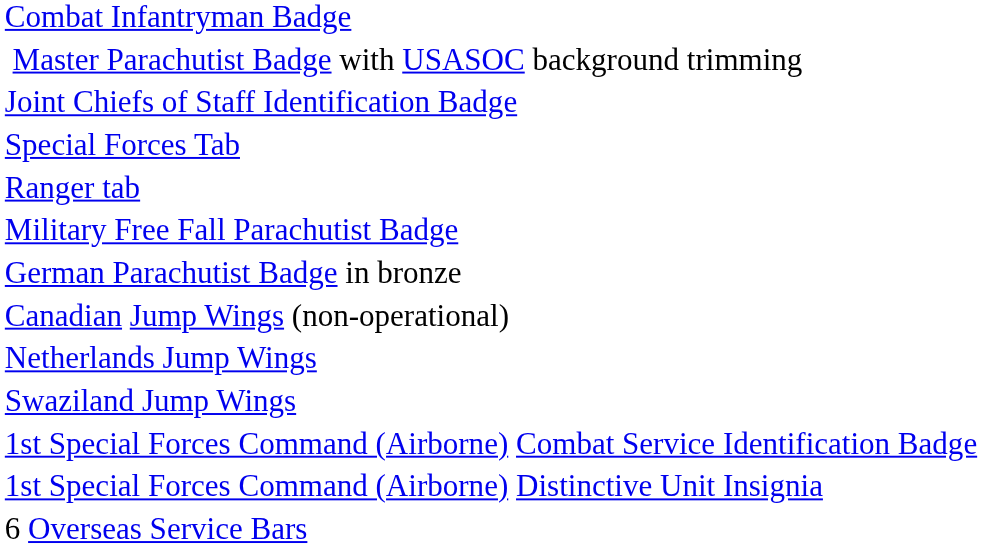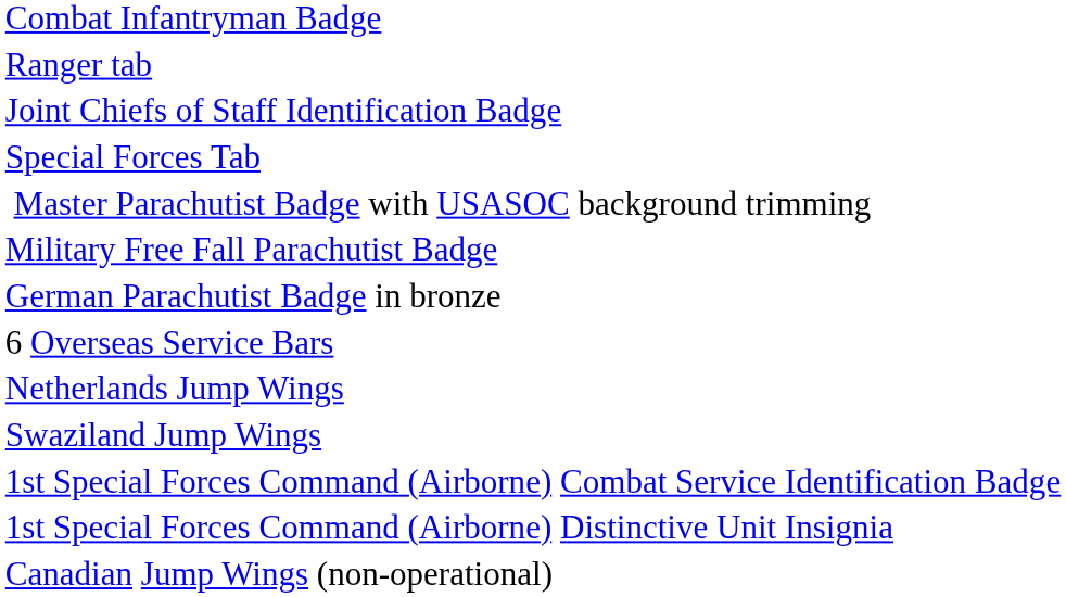 <table>
 <tr>
 <td> <a href='#'>Combat Infantryman Badge</a></td>
 </tr>
 <tr>
-<td><span></span> <a href='#'>Master Parachutist Badge</a> with <a href='#'>USASOC</a> background trimming</td>
+<td> <a href='#'>Ranger tab</a></td>
 </tr>
 <tr>
 <td> <a href='#'>Joint Chiefs of Staff Identification Badge</a></td>
 </tr>
 <tr>
 <td> <a href='#'>Special Forces Tab</a></td>
 </tr>
 <tr>
-<td> <a href='#'>Ranger tab</a></td>
+<td><span></span> <a href='#'>Master Parachutist Badge</a> with <a href='#'>USASOC</a> background trimming</td>
 </tr>
 <tr>
 <td> <a href='#'>Military Free Fall Parachutist Badge</a></td>
 </tr>
 <tr>
 <td> <a href='#'>German Parachutist Badge</a> in bronze</td>
 </tr>
 <tr>
-<td> <a href='#'>Canadian</a> <a href='#'>Jump Wings</a> (non-operational)</td>
+<td> 6 <a href='#'>Overseas Service Bars</a></td>
 </tr>
 <tr>
 <td> <a href='#'>Netherlands Jump Wings</a></td>
 </tr>
 <tr>
 <td> <a href='#'>Swaziland Jump Wings</a></td>
 </tr>
 <tr>
 <td> <a href='#'>1st Special Forces Command (Airborne)</a> <a href='#'>Combat Service Identification Badge</a></td>
 </tr>
 <tr>
 <td> <a href='#'>1st Special Forces Command (Airborne)</a> <a href='#'>Distinctive Unit Insignia</a></td>
 </tr>
 <tr>
-<td> 6 <a href='#'>Overseas Service Bars</a></td>
+<td> <a href='#'>Canadian</a> <a href='#'>Jump Wings</a> (non-operational)</td>
 </tr>
 </table>
